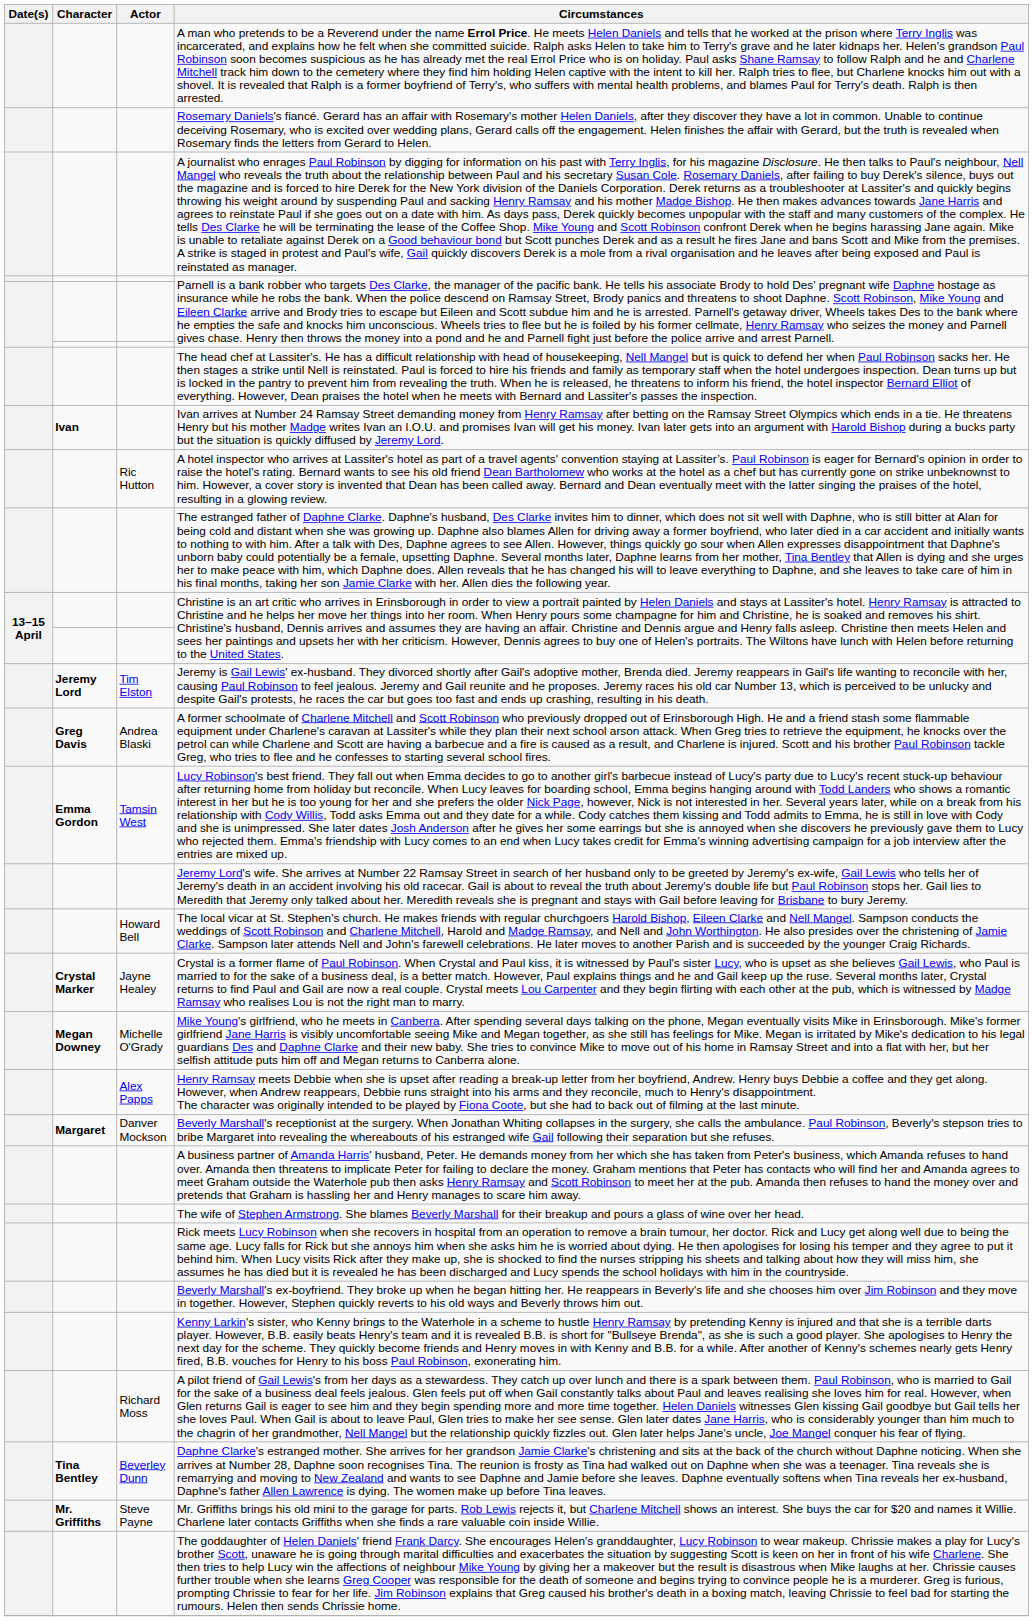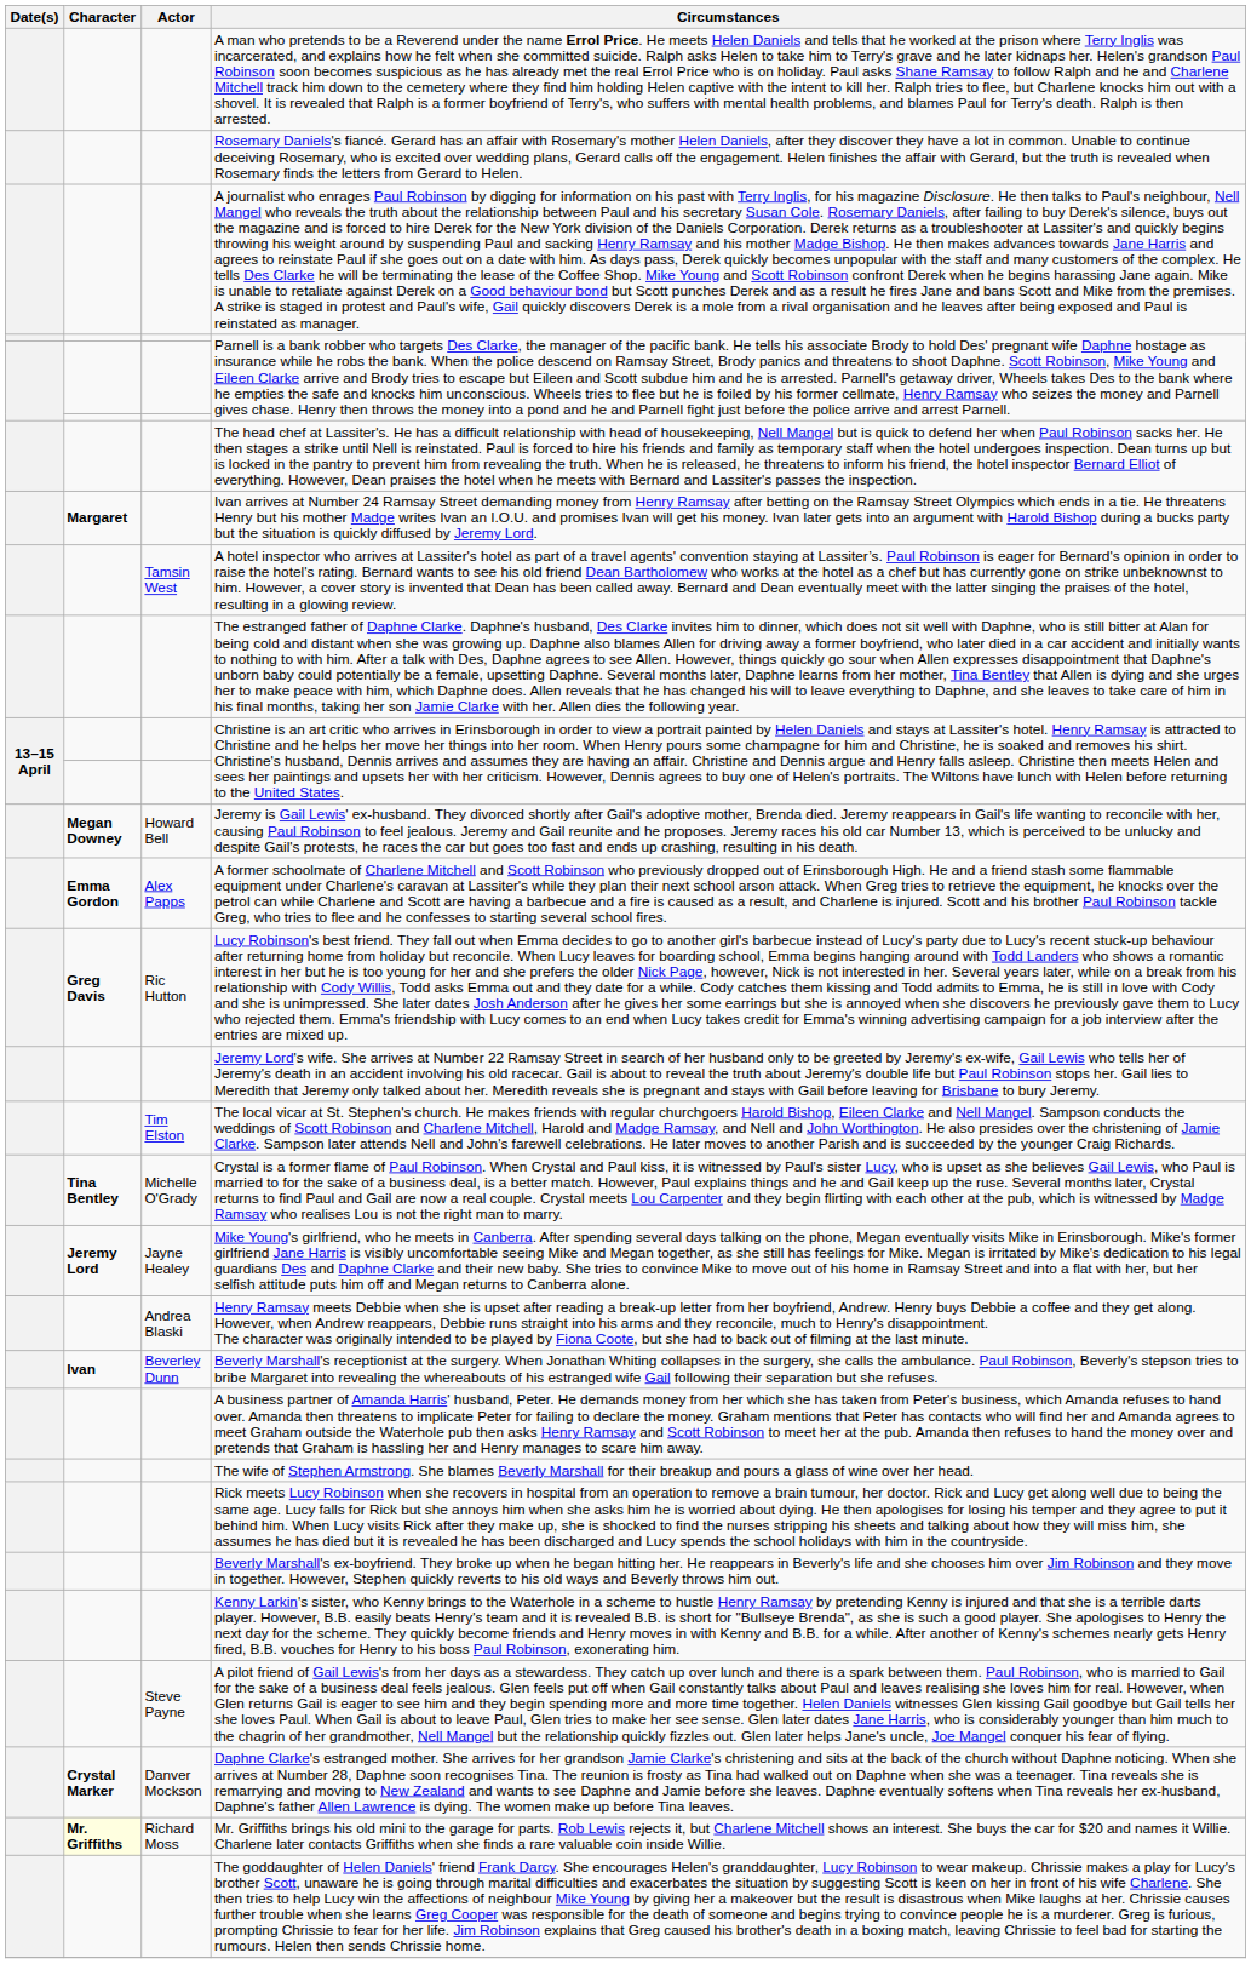 <table class="wikitable plainrowheaders" style="font-size:90%">
 <tr>
 <th scope="col">Date(s)</th>
 <th scope="col">Character</th>
 <th scope="col">Actor</th>
 <th scope="col">Circumstances</th>
 </tr>
 <tr>
 <th scope="row"></th>
 <td></td>
 <td></td>
 <td>A man who pretends to be a Reverend under the name <strong>Errol Price</strong>. He meets <a href='#'>Helen Daniels</a> and tells that he worked at the prison where <a href='#'>Terry Inglis</a> was incarcerated, and explains how he felt when she committed suicide. Ralph asks Helen to take him to Terry's grave and he later kidnaps her. Helen's grandson <a href='#'>Paul Robinson</a> soon becomes suspicious as he has already met the real Errol Price who is on holiday. Paul asks <a href='#'>Shane Ramsay</a> to follow Ralph and he and <a href='#'>Charlene Mitchell</a> track him down to the cemetery where they find him holding Helen captive with the intent to kill her. Ralph tries to flee, but Charlene knocks him out with a shovel. It is revealed that Ralph is a former boyfriend of Terry's, who suffers with mental health problems, and blames Paul for Terry's death. Ralph is then arrested.</td>
 </tr>
 <tr>
 <th scope="row"></th>
 <td></td>
 <td></td>
 <td><a href='#'>Rosemary Daniels</a>'s fiancé. Gerard has an affair with Rosemary's mother <a href='#'>Helen Daniels</a>, after they discover they have a lot in common. Unable to continue deceiving Rosemary, who is excited over wedding plans, Gerard calls off the engagement. Helen finishes the affair with Gerard, but the truth is revealed when Rosemary finds the letters from Gerard to Helen.</td>
 </tr>
 <tr>
 <th scope="row"></th>
 <td></td>
 <td></td>
 <td>A journalist who enrages <a href='#'>Paul Robinson</a> by digging for information on his past with <a href='#'>Terry Inglis</a>, for his magazine <em>Disclosure</em>. He then talks to Paul's neighbour, <a href='#'>Nell Mangel</a> who reveals the truth about the relationship between Paul and his secretary <a href='#'>Susan Cole</a>. <a href='#'>Rosemary Daniels</a>, after failing to buy Derek's silence, buys out the magazine and is forced to hire Derek for the New York division of the Daniels Corporation. Derek returns as a troubleshooter at Lassiter's and quickly begins throwing his weight around by suspending Paul and sacking <a href='#'>Henry Ramsay</a> and his mother <a href='#'>Madge Bishop</a>. He then makes advances towards <a href='#'>Jane Harris</a> and agrees to reinstate Paul if she goes out on a date with him. As days pass, Derek quickly becomes unpopular with the staff and many customers of the complex. He tells <a href='#'>Des Clarke</a> he will be terminating the lease of the Coffee Shop. <a href='#'>Mike Young</a> and <a href='#'>Scott Robinson</a> confront Derek when he begins harassing Jane again. Mike is unable to retaliate against Derek on a <a href='#'>Good behaviour bond</a> but Scott punches Derek and as a result he fires Jane and bans Scott and Mike from the premises. A strike is staged in protest and Paul's wife, <a href='#'>Gail</a> quickly discovers Derek is a mole from a rival organisation and he leaves after being exposed and Paul is reinstated as manager.</td>
 </tr>
 <tr>
 <th scope="row"></th>
 <td></td>
 <td></td>
 <td rowspan="3">Parnell is a bank robber who targets <a href='#'>Des Clarke</a>, the manager of the pacific bank. He tells his associate Brody to hold Des' pregnant wife <a href='#'>Daphne</a> hostage as insurance while he robs the bank. When the police descend on Ramsay Street, Brody panics and threatens to shoot Daphne. <a href='#'>Scott Robinson</a>, <a href='#'>Mike Young</a> and <a href='#'>Eileen Clarke</a> arrive and Brody tries to escape but Eileen and Scott subdue him and he is arrested. Parnell's getaway driver, Wheels takes Des to the bank where he empties the safe and knocks him unconscious. Wheels tries to flee but he is foiled by his former cellmate, <a href='#'>Henry Ramsay</a> who seizes the money and Parnell gives chase. Henry then throws the money into a pond and he and Parnell fight just before the police arrive and arrest Parnell.</td>
 </tr>
 <tr>
 <th scope="row" rowspan="2"></th>
 <td></td>
 <td></td>
 </tr>
 <tr>
 <td></td>
 <td></td>
 </tr>
 <tr>
 <th scope="row"></th>
 <td></td>
 <td></td>
 <td>The head chef at Lassiter's. He has a difficult relationship with head of housekeeping, <a href='#'>Nell Mangel</a> but is quick to defend her when <a href='#'>Paul Robinson</a> sacks her. He then stages a strike until Nell is reinstated. Paul is forced to hire his friends and family as temporary staff when the hotel undergoes inspection. Dean turns up but is locked in the pantry to prevent him from revealing the truth. When he is released, he threatens to inform his friend, the hotel inspector <a href='#'>Bernard Elliot</a> of everything. However, Dean praises the hotel when he meets with Bernard and Lassiter's passes the inspection.</td>
 </tr>
 <tr>
 <th scope="row"></th>
-<td><strong>Ivan</strong></td>
+<td><strong>Margaret</strong></td>
 <td></td>
 <td>Ivan arrives at Number 24 Ramsay Street demanding money from <a href='#'>Henry Ramsay</a> after betting on the Ramsay Street Olympics which ends in a tie. He threatens Henry but his mother <a href='#'>Madge</a> writes Ivan an I.O.U. and promises Ivan will get his money. Ivan later gets into an argument with <a href='#'>Harold Bishop</a> during a bucks party but the situation is quickly diffused by <a href='#'>Jeremy Lord</a>.</td>
 </tr>
 <tr>
 <th scope="row"></th>
 <td></td>
-<td>Ric Hutton</td>
+<td><a href='#'>Tamsin West</a></td>
 <td>A hotel inspector who arrives at Lassiter's hotel as part of a travel agents' convention staying at Lassiter’s. <a href='#'>Paul Robinson</a> is eager for Bernard's opinion in order to raise the hotel's rating. Bernard wants to see his old friend <a href='#'>Dean Bartholomew</a> who works at the hotel as a chef but has currently gone on strike unbeknownst to him. However, a cover story is invented that Dean has been called away. Bernard and Dean eventually meet with the latter singing the praises of the hotel, resulting in a glowing review.</td>
 </tr>
 <tr>
 <th scope="row"></th>
 <td></td>
 <td></td>
 <td>The estranged father of <a href='#'>Daphne Clarke</a>. Daphne's husband, <a href='#'>Des Clarke</a> invites him to dinner, which does not sit well with Daphne, who is still bitter at Alan for being cold and distant when she was growing up. Daphne also blames Allen for driving away a former boyfriend, who later died in a car accident and initially wants to nothing to with him. After a talk with Des, Daphne agrees to see Allen. However, things quickly go sour when Allen expresses disappointment that Daphne's unborn baby could potentially be a female, upsetting Daphne. Several months later, Daphne learns from her mother, <a href='#'>Tina Bentley</a> that Allen is dying and she urges her to make peace with him, which Daphne does. Allen reveals that he has changed his will to leave everything to Daphne, and she leaves to take care of him in his final months, taking her son <a href='#'>Jamie Clarke</a> with her. Allen dies the following year.</td>
 </tr>
 <tr>
 <th scope="row" rowspan="2">13–15 April</th>
 <td></td>
 <td></td>
 <td rowspan="2">Christine is an art critic who arrives in Erinsborough in order to view a portrait painted by <a href='#'>Helen Daniels</a> and stays at Lassiter's hotel. <a href='#'>Henry Ramsay</a> is attracted to Christine and he helps her move her things into her room. When Henry pours some champagne for him and Christine, he is soaked and removes his shirt. Christine's husband, Dennis arrives and assumes they are having an affair. Christine and Dennis argue and Henry falls asleep. Christine then meets Helen and sees her paintings and upsets her with her criticism. However, Dennis agrees to buy one of Helen's portraits. The Wiltons have lunch with Helen before returning to the <a href='#'>United States</a>.</td>
 </tr>
 <tr>
 <td></td>
 <td></td>
 </tr>
 <tr>
 <th scope="row"></th>
-<td><strong>Jeremy Lord</strong></td>
-<td><a href='#'>Tim Elston</a></td>
+<td><strong>Megan Downey</strong></td>
+<td>Howard Bell</td>
 <td>Jeremy is <a href='#'>Gail Lewis</a>' ex-husband. They divorced shortly after Gail's adoptive mother, Brenda died. Jeremy reappears in Gail's life wanting to reconcile with her, causing <a href='#'>Paul Robinson</a> to feel jealous. Jeremy and Gail reunite and he proposes. Jeremy races his old car Number 13, which is perceived to be unlucky and despite Gail's protests, he races the car but goes too fast and ends up crashing, resulting in his death.</td>
 </tr>
 <tr>
 <th scope="row"></th>
-<td><strong>Greg Davis</strong></td>
-<td>Andrea Blaski</td>
+<td><strong>Emma Gordon</strong></td>
+<td><a href='#'>Alex Papps</a></td>
 <td>A former schoolmate of <a href='#'>Charlene Mitchell</a> and <a href='#'>Scott Robinson</a> who previously dropped out of Erinsborough High. He and a friend stash some flammable equipment under Charlene's caravan at Lassiter's while they plan their next school arson attack. When Greg tries to retrieve the equipment, he knocks over the petrol can while Charlene and Scott are having a barbecue and a fire is caused as a result, and Charlene is injured. Scott and his brother <a href='#'>Paul Robinson</a> tackle Greg, who tries to flee and he confesses to starting several school fires.</td>
 </tr>
 <tr>
 <th scope="row"></th>
-<td><strong>Emma Gordon</strong></td>
-<td><a href='#'>Tamsin West</a></td>
+<td><strong>Greg Davis</strong></td>
+<td>Ric Hutton</td>
 <td><a href='#'>Lucy Robinson</a>'s best friend. They fall out when Emma decides to go to another girl's barbecue instead of Lucy's party due to Lucy's recent stuck-up behaviour after returning home from holiday but reconcile. When Lucy leaves for boarding school, Emma begins hanging around with <a href='#'>Todd Landers</a> who shows a romantic interest in her but he is too young for her and she prefers the older <a href='#'>Nick Page</a>, however, Nick is not interested in her. Several years later, while on a break from his relationship with <a href='#'>Cody Willis</a>, Todd asks Emma out and they date for a while. Cody catches them kissing and Todd admits to Emma, he is still in love with Cody and she is unimpressed. She later dates <a href='#'>Josh Anderson</a> after he gives her some earrings but she is annoyed when she discovers he previously gave them to Lucy who rejected them. Emma's friendship with Lucy comes to an end when Lucy takes credit for Emma's winning advertising campaign for a job interview after the entries are mixed up.</td>
 </tr>
 <tr>
 <th scope="row"></th>
 <td></td>
 <td></td>
 <td><a href='#'>Jeremy Lord</a>'s wife. She arrives at Number 22 Ramsay Street in search of her husband only to be greeted by Jeremy's ex-wife, <a href='#'>Gail Lewis</a> who tells her of Jeremy's death in an accident involving his old racecar. Gail is about to reveal the truth about Jeremy's double life but <a href='#'>Paul Robinson</a> stops her. Gail lies to Meredith that Jeremy only talked about her. Meredith reveals she is pregnant and stays with Gail before leaving for <a href='#'>Brisbane</a> to bury Jeremy.</td>
 </tr>
 <tr>
 <th scope="row"></th>
 <td></td>
-<td>Howard Bell</td>
+<td><a href='#'>Tim Elston</a></td>
 <td>The local vicar at St. Stephen's church. He makes friends with regular churchgoers <a href='#'>Harold Bishop</a>, <a href='#'>Eileen Clarke</a> and <a href='#'>Nell Mangel</a>. Sampson conducts the weddings of <a href='#'>Scott Robinson</a> and <a href='#'>Charlene Mitchell</a>, Harold and <a href='#'>Madge Ramsay</a>, and Nell and <a href='#'>John Worthington</a>. He also presides over the christening of <a href='#'>Jamie Clarke</a>. Sampson later attends Nell and John's farewell celebrations. He later moves to another Parish and is succeeded by the younger Craig Richards.</td>
 </tr>
 <tr>
 <th scope="row"></th>
-<td><strong>Crystal Marker</strong></td>
-<td>Jayne Healey</td>
+<td><strong>Tina Bentley</strong></td>
+<td>Michelle O'Grady</td>
 <td>Crystal is a former flame of <a href='#'>Paul Robinson</a>. When Crystal and Paul kiss, it is witnessed by Paul's sister <a href='#'>Lucy</a>, who is upset as she believes <a href='#'>Gail Lewis</a>, who Paul is married to for the sake of a business deal, is a better match. However, Paul explains things and he and Gail keep up the ruse. Several months later, Crystal returns to find Paul and Gail are now a real couple. Crystal meets <a href='#'>Lou Carpenter</a>  and they begin flirting with each other at the pub, which is witnessed by <a href='#'>Madge Ramsay</a> who realises Lou is not the right man to marry.</td>
 </tr>
 <tr>
 <th scope="row"></th>
-<td><strong>Megan Downey</strong></td>
-<td>Michelle O'Grady</td>
+<td><strong>Jeremy Lord</strong></td>
+<td>Jayne Healey</td>
 <td><a href='#'>Mike Young</a>'s girlfriend, who he meets in <a href='#'>Canberra</a>. After spending several days talking on the phone, Megan eventually visits Mike in Erinsborough. Mike's former girlfriend <a href='#'>Jane Harris</a> is visibly uncomfortable seeing Mike and Megan together, as she still has feelings for Mike. Megan is irritated by Mike's dedication to his legal guardians <a href='#'>Des</a> and <a href='#'>Daphne Clarke</a> and their new baby. She tries to convince Mike to move out of his home in Ramsay Street and into a flat with her, but her selfish attitude puts him off and Megan returns to Canberra alone.</td>
 </tr>
 <tr>
 <th scope="row"></th>
 <td></td>
-<td><a href='#'>Alex Papps</a></td>
+<td>Andrea Blaski</td>
 <td><a href='#'>Henry Ramsay</a> meets Debbie when she is upset after reading a break-up letter from her boyfriend, Andrew. Henry buys Debbie a coffee and they get along. However, when Andrew reappears, Debbie runs straight into his arms and they reconcile, much to Henry's disappointment.<br>The character was originally intended to be played by <a href='#'>Fiona Coote</a>, but she had to back out of filming at the last minute.</td>
 </tr>
 <tr>
 <th scope="row"></th>
-<td><strong>Margaret</strong></td>
-<td>Danver Mockson</td>
+<td><strong>Ivan</strong></td>
+<td><a href='#'>Beverley Dunn</a></td>
 <td><a href='#'>Beverly Marshall</a>'s receptionist at the surgery. When Jonathan Whiting collapses in the surgery, she calls the ambulance. <a href='#'>Paul Robinson</a>, Beverly's stepson tries to bribe Margaret into revealing the whereabouts of his estranged wife <a href='#'>Gail</a> following their separation but she refuses.</td>
 </tr>
 <tr>
 <th scope="row"></th>
 <td></td>
 <td></td>
 <td>A business partner of <a href='#'>Amanda Harris</a>' husband, Peter. He demands money from her which she has taken from Peter's business, which Amanda refuses to hand over. Amanda then threatens to implicate Peter for failing to declare the money. Graham mentions that Peter has contacts who will find her and Amanda agrees to meet Graham outside the Waterhole pub then asks <a href='#'>Henry Ramsay</a> and <a href='#'>Scott Robinson</a> to meet her at the pub. Amanda then refuses to hand the money over and pretends that Graham is hassling her and Henry manages to scare him away.</td>
 </tr>
 <tr>
 <th scope="row"></th>
 <td></td>
 <td></td>
 <td>The wife of <a href='#'>Stephen Armstrong</a>. She blames <a href='#'>Beverly Marshall</a> for their breakup and pours a glass of wine over her head.</td>
 </tr>
 <tr>
 <th scope="row"></th>
 <td></td>
 <td></td>
 <td>Rick meets <a href='#'>Lucy Robinson</a> when she recovers in hospital from an operation to remove a brain tumour, her doctor. Rick and Lucy get along well due to being the same age. Lucy falls for Rick but she annoys him when she asks him he is worried about dying. He then apologises for losing his temper and they agree to put it behind him. When Lucy visits Rick after they make up, she is shocked to find the nurses stripping his sheets and talking about how they will miss him, she assumes he has died but it is revealed he has been discharged and Lucy spends the school holidays with him in the countryside.</td>
 </tr>
 <tr>
 <th scope="row"></th>
 <td></td>
 <td></td>
 <td><a href='#'>Beverly Marshall</a>'s ex-boyfriend. They broke up when he began hitting her. He reappears in Beverly's life and she chooses him over <a href='#'>Jim Robinson</a> and they move in together. However, Stephen quickly reverts to his old ways and Beverly throws him out.</td>
 </tr>
 <tr>
 <th scope="row"></th>
 <td></td>
 <td></td>
 <td><a href='#'>Kenny Larkin</a>'s sister, who Kenny brings to the Waterhole in a scheme to hustle <a href='#'>Henry Ramsay</a> by pretending Kenny is injured and that she is a terrible darts player. However, B.B. easily beats Henry's team and it is revealed B.B. is short for "Bullseye Brenda", as she is such a good player. She apologises to Henry the next day for the scheme. They quickly become friends and Henry moves in with Kenny and B.B. for a while. After another of Kenny's schemes nearly gets Henry fired, B.B. vouches for Henry to his boss <a href='#'>Paul Robinson</a>, exonerating him.</td>
 </tr>
 <tr>
 <th scope="row"></th>
 <td></td>
-<td>Richard Moss</td>
+<td>Steve Payne</td>
 <td>A pilot friend of <a href='#'>Gail Lewis</a>'s from her days as a stewardess. They catch up over lunch and there is a spark between them. <a href='#'>Paul Robinson</a>, who is married to Gail for the sake of a business deal feels jealous. Glen feels put off when Gail constantly talks about Paul and leaves realising she loves him for real. However, when Glen returns Gail is eager to see him and they begin spending more and more time together. <a href='#'>Helen Daniels</a> witnesses Glen kissing Gail goodbye but Gail tells her she loves Paul.  When Gail is about to leave Paul, Glen tries to make her see sense. Glen later dates <a href='#'>Jane Harris</a>, who is considerably younger than him much to the chagrin of her grandmother, <a href='#'>Nell Mangel</a> but the relationship quickly fizzles out. Glen later helps Jane's uncle, <a href='#'>Joe Mangel</a> conquer his fear of flying.</td>
 </tr>
 <tr>
 <th scope="row"></th>
-<td><strong>Tina Bentley</strong></td>
-<td><a href='#'>Beverley Dunn</a></td>
+<td><strong>Crystal Marker</strong></td>
+<td>Danver Mockson</td>
 <td><a href='#'>Daphne Clarke</a>'s estranged mother. She arrives for her grandson <a href='#'>Jamie Clarke</a>'s christening and sits at the back of the church without Daphne noticing. When she arrives at Number 28, Daphne soon recognises Tina. The reunion is frosty as Tina had walked out on Daphne when she was a teenager. Tina reveals she is remarrying and moving to <a href='#'>New Zealand</a> and wants to see Daphne and Jamie before she leaves. Daphne eventually softens when Tina reveals her ex-husband, Daphne's father <a href='#'>Allen Lawrence</a> is dying. The women make up before Tina leaves.</td>
 </tr>
 <tr>
 <th scope="row"></th>
-<td><strong>Mr. Griffiths</strong></td>
-<td>Steve Payne</td>
+<td style="background: lightyellow;"><strong>Mr. Griffiths</strong></td>
+<td>Richard Moss</td>
 <td>Mr. Griffiths brings his old mini to the garage for parts. <a href='#'>Rob Lewis</a> rejects it, but <a href='#'>Charlene Mitchell</a> shows an interest. She buys the car for $20 and names it Willie. Charlene later contacts Griffiths when she finds a rare valuable coin inside Willie.</td>
 </tr>
 <tr>
 <th scope="row"></th>
 <td></td>
 <td></td>
 <td>The goddaughter of <a href='#'>Helen Daniels</a>' friend <a href='#'>Frank Darcy</a>. She encourages Helen's granddaughter, <a href='#'>Lucy Robinson</a> to wear makeup. Chrissie makes a play for Lucy's brother <a href='#'>Scott</a>, unaware he is going through marital difficulties and exacerbates the situation by suggesting Scott is keen on her in front of his wife <a href='#'>Charlene</a>. She then tries to help Lucy win the affections of neighbour <a href='#'>Mike Young</a> by giving her a makeover but the result is disastrous when Mike laughs at her. Chrissie causes further trouble when she learns <a href='#'>Greg Cooper</a> was responsible for the death of someone and begins trying to convince people he is a murderer. Greg is furious, prompting Chrissie to fear for her life. <a href='#'>Jim Robinson</a> explains that Greg caused his brother's death in a boxing match, leaving Chrissie to feel bad for starting the rumours. Helen then sends Chrissie home.</td>
 </tr>
 <tr>
 </tr>
 </table>
